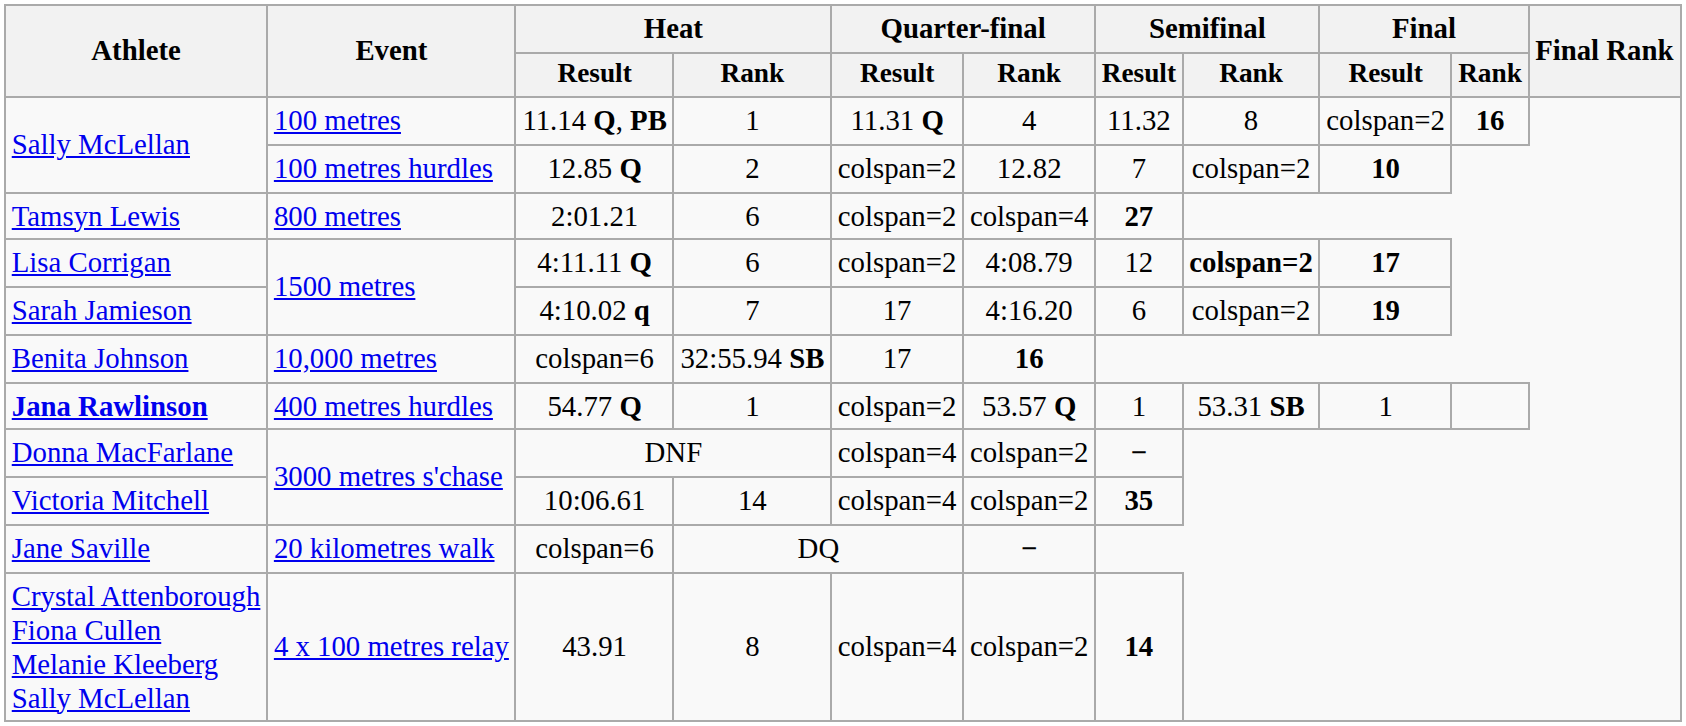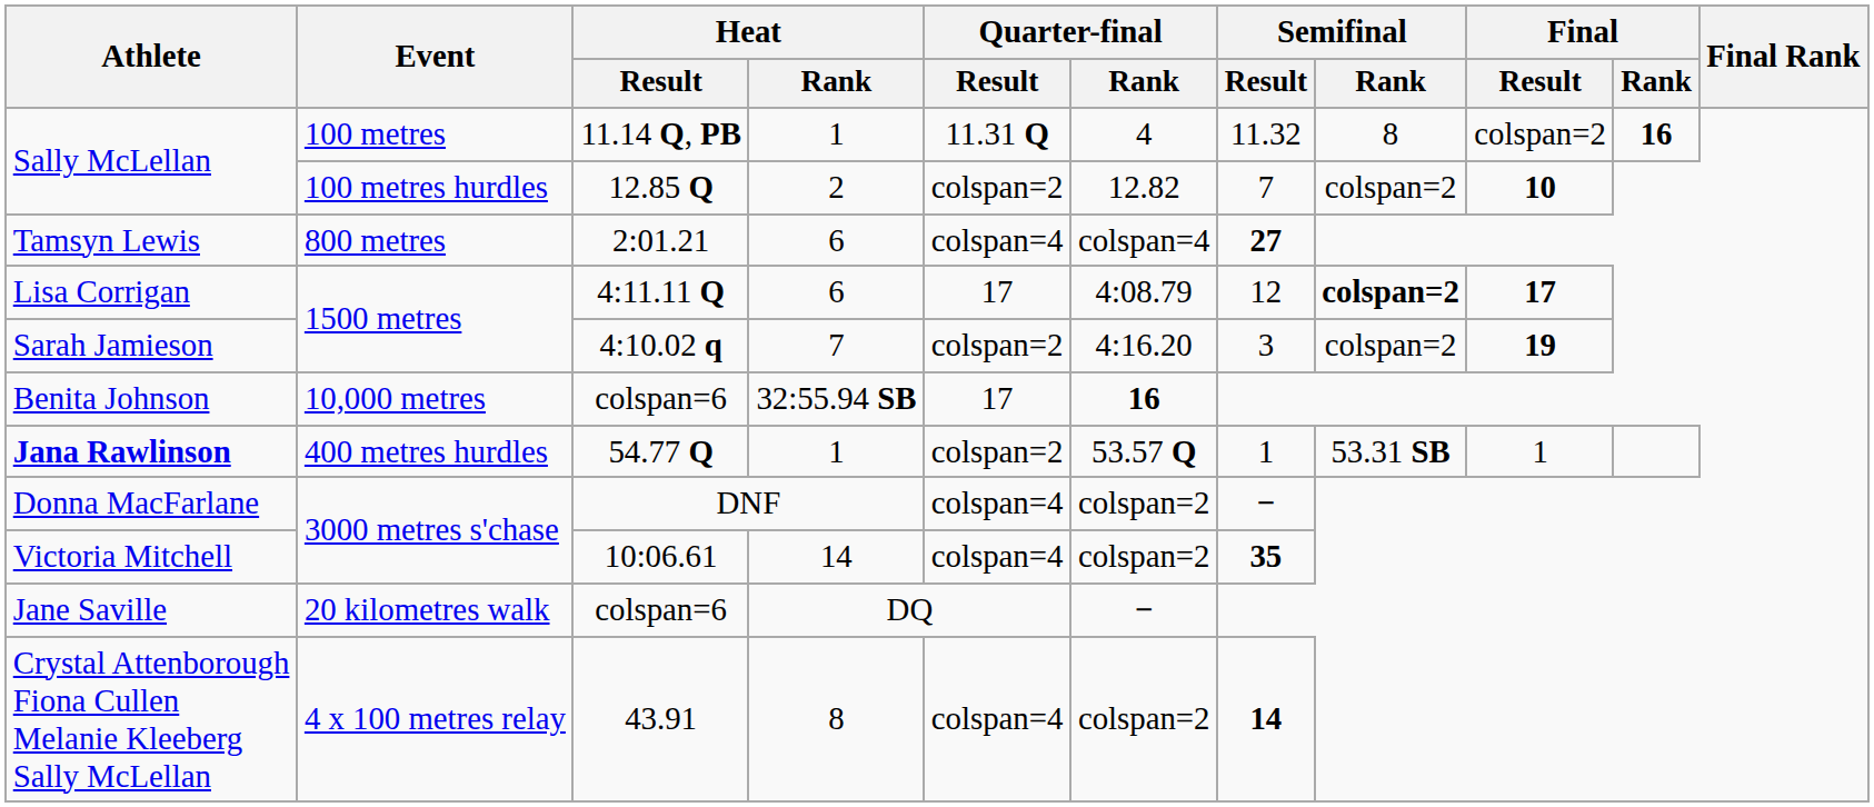 <table class="wikitable" style="font-size:90%">
 <tr>
 <th rowspan="2">Athlete</th>
 <th rowspan="2">Event</th>
 <th colspan="2">Heat</th>
 <th colspan="2">Quarter-final</th>
 <th colspan="2">Semifinal</th>
 <th colspan="2">Final</th>
 <th colspan="2" rowspan="2">Final Rank</th>
 </tr>
 <tr style="font-size:95%">
 <th>Result</th>
 <th>Rank</th>
 <th>Result</th>
 <th>Rank</th>
 <th>Result</th>
 <th>Rank</th>
 <th>Result</th>
 <th>Rank</th>
 </tr>
 <tr align=center>
 <td rowspan="2" align=left><a href='#'>Sally McLellan</a></td>
 <td align=left><a href='#'>100 metres</a></td>
 <td>11.14 <strong>Q</strong>, <strong>PB</strong></td>
 <td>1</td>
 <td>11.31 <strong>Q</strong></td>
 <td>4</td>
 <td>11.32</td>
 <td>8</td>
 <td>colspan=2 </td>
 <td><strong>16</strong></td>
 </tr>
 <tr align=center>
 <td align=left><a href='#'>100 metres hurdles</a></td>
 <td>12.85 <strong>Q</strong></td>
 <td>2</td>
 <td>colspan=2 </td>
 <td>12.82</td>
 <td>7</td>
 <td>colspan=2 </td>
 <td><strong>10</strong></td>
 </tr>
 <tr align=center>
 <td align=left><a href='#'>Tamsyn Lewis</a></td>
 <td align=left><a href='#'>800 metres</a></td>
 <td>2:01.21</td>
 <td>6</td>
-<td>colspan=2 </td>
+<td>colspan=4 </td>
 <td>colspan=4 </td>
 <td><strong>27</strong></td>
 </tr>
 <tr align=center>
 <td align=left><a href='#'>Lisa Corrigan</a></td>
 <td rowspan="2" align=left><a href='#'>1500 metres</a></td>
 <td>4:11.11 <strong>Q</strong></td>
 <td>6</td>
-<td>colspan=2 </td>
+<td>17</td>
 <td>4:08.79</td>
 <td>12</td>
 <td><strong>colspan=2 </strong></td>
 <td><strong>17</strong></td>
 </tr>
 <tr align=center>
 <td align=left><a href='#'>Sarah Jamieson</a></td>
 <td>4:10.02 <strong>q</strong></td>
 <td>7</td>
-<td>17</td>
+<td>colspan=2 </td>
 <td>4:16.20</td>
-<td>6</td>
+<td>3</td>
 <td>colspan=2 </td>
 <td><strong>19</strong></td>
 </tr>
 <tr align=center>
 <td align=left><a href='#'>Benita Johnson</a></td>
 <td align=left><a href='#'>10,000 metres</a></td>
 <td>colspan=6 </td>
 <td>32:55.94 <strong>SB</strong></td>
 <td>17</td>
 <td><strong>16</strong></td>
 </tr>
 <tr align=center>
 <td align=left><strong><a href='#'>Jana Rawlinson</a></strong></td>
 <td align=left><a href='#'>400 metres hurdles</a></td>
 <td>54.77 <strong>Q</strong></td>
 <td>1</td>
 <td>colspan=2 </td>
 <td>53.57 <strong>Q</strong></td>
 <td>1</td>
 <td>53.31 <strong>SB</strong></td>
 <td>1</td>
 <td></td>
 </tr>
 <tr align=center>
 <td align=left><a href='#'>Donna MacFarlane</a></td>
 <td rowspan="2" align=left><a href='#'>3000 metres s'chase</a></td>
 <td colspan="2">DNF</td>
 <td>colspan=4 </td>
 <td>colspan=2 </td>
 <td><strong>−</strong></td>
 </tr>
 <tr align=center>
 <td align=left><a href='#'>Victoria Mitchell</a></td>
 <td>10:06.61</td>
 <td>14</td>
 <td>colspan=4 </td>
 <td>colspan=2 </td>
 <td><strong>35</strong></td>
 </tr>
 <tr align=center>
 <td align=left><a href='#'>Jane Saville</a></td>
 <td align=left><a href='#'>20 kilometres walk</a></td>
 <td>colspan=6 </td>
 <td colspan=2>DQ</td>
 <td><strong>−</strong></td>
 </tr>
 <tr align=center>
 <td align=left><a href='#'>Crystal Attenborough</a><br><a href='#'>Fiona Cullen</a><br><a href='#'>Melanie Kleeberg</a><br><a href='#'>Sally McLellan</a></td>
 <td align=left><a href='#'>4 x 100 metres relay</a></td>
 <td>43.91</td>
 <td>8</td>
 <td>colspan=4 </td>
 <td>colspan=2 </td>
 <td><strong>14</strong></td>
 </tr>
 </table>
